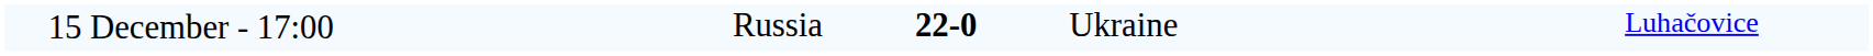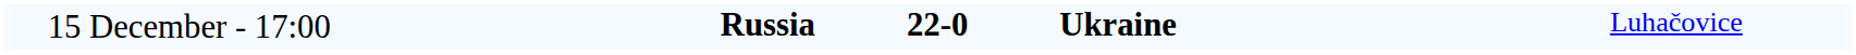 <table style="width: 100%; background:#F5FAFF;" cellspacing="0">
 <tr>
 <td align=center rowspan=3 width=20%>15 December - 17:00</td>
 </tr>
 <tr>
-<td width=24% align=right>Russia </td>
+<td width=24% align=right><strong>Russia </strong></td>
 <td align=center width=13%><strong>22-0</strong></td>
-<td width=24%> Ukraine</td>
+<td width=24%><strong> Ukraine</strong></td>
 <td style=font-size:85% rowspan=3 valign=top align=center><a href='#'>Luhačovice</a></td>
 </tr>
 <tr style=font-size:85%>
 <td align=right valign=top></td>
 <td></td>
 <td></td>
 </tr>
 </table>
